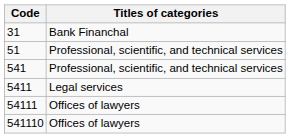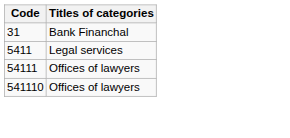 <table class="wikitable" style="display: inline-table;">
 <tr>
 <th><strong>Code</strong></th>
 <th>Titles of categories</th>
 </tr>
 <tr>
 <td>31</td>
 <td>Bank Financhal</td>
-</tr>
-<tr>
-<td>51</td>
-<td>Professional, scientific, and technical services</td>
-</tr>
-<tr>
-<td>541</td>
-<td>Professional, scientific, and technical services</td>
 </tr>
 <tr>
 <td>5411</td>
 <td>Legal services</td>
 </tr>
 <tr>
 <td>54111</td>
 <td>Offices of lawyers</td>
 </tr>
 <tr>
 <td>541110</td>
 <td>Offices of lawyers</td>
 </tr>
 </table>
